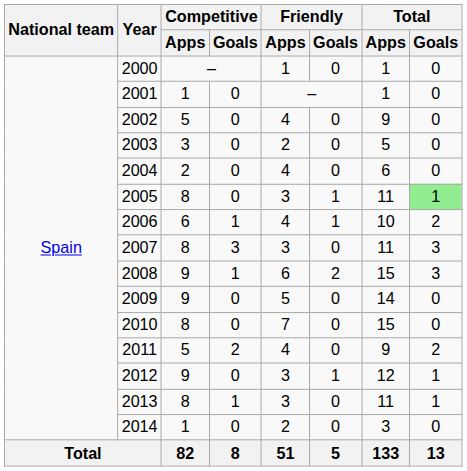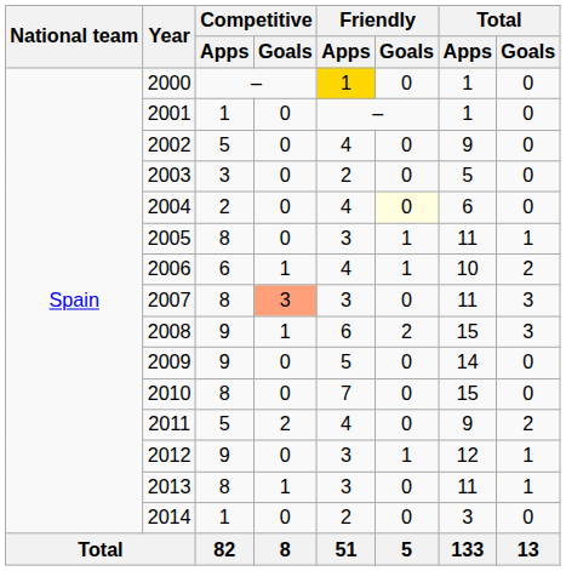 <table class="wikitable" style="text-align:center">
 <tr>
 <th rowspan="2">National team</th>
 <th rowspan="2">Year</th>
 <th colspan="2">Competitive</th>
 <th colspan="2">Friendly</th>
 <th colspan="2">Total</th>
 </tr>
 <tr>
 <th>Apps</th>
 <th>Goals</th>
 <th>Apps</th>
 <th>Goals</th>
 <th>Apps</th>
 <th>Goals</th>
 </tr>
 <tr>
 <td rowspan="15"><a href='#'>Spain</a></td>
 <td>2000</td>
 <td colspan="2">–</td>
-<td>1</td>
+<td style="background: gold;">1</td>
 <td>0</td>
 <td>1</td>
 <td>0</td>
 </tr>
 <tr>
 <td>2001</td>
 <td>1</td>
 <td>0</td>
 <td colspan="2">–</td>
 <td>1</td>
 <td>0</td>
 </tr>
 <tr>
 <td>2002</td>
 <td>5</td>
 <td>0</td>
 <td>4</td>
 <td>0</td>
 <td>9</td>
 <td>0</td>
 </tr>
 <tr>
 <td>2003</td>
 <td>3</td>
 <td>0</td>
 <td>2</td>
 <td>0</td>
 <td>5</td>
 <td>0</td>
 </tr>
 <tr>
 <td>2004</td>
 <td>2</td>
 <td>0</td>
 <td>4</td>
-<td>0</td>
+<td style="background: lightyellow;">0</td>
 <td>6</td>
 <td>0</td>
 </tr>
 <tr>
 <td>2005</td>
 <td>8</td>
 <td>0</td>
 <td>3</td>
 <td>1</td>
 <td>11</td>
-<td style="background: lightgreen;">1</td>
+<td>1</td>
 </tr>
 <tr>
 <td>2006</td>
 <td>6</td>
 <td>1</td>
 <td>4</td>
 <td>1</td>
 <td>10</td>
 <td>2</td>
 </tr>
 <tr>
 <td>2007</td>
 <td>8</td>
-<td>3</td>
+<td style="background: lightsalmon;">3</td>
 <td>3</td>
 <td>0</td>
 <td>11</td>
 <td>3</td>
 </tr>
 <tr>
 <td>2008</td>
 <td>9</td>
 <td>1</td>
 <td>6</td>
 <td>2</td>
 <td>15</td>
 <td>3</td>
 </tr>
 <tr>
 <td>2009</td>
 <td>9</td>
 <td>0</td>
 <td>5</td>
 <td>0</td>
 <td>14</td>
 <td>0</td>
 </tr>
 <tr>
 <td>2010</td>
 <td>8</td>
 <td>0</td>
 <td>7</td>
 <td>0</td>
 <td>15</td>
 <td>0</td>
 </tr>
 <tr>
 <td>2011</td>
 <td>5</td>
 <td>2</td>
 <td>4</td>
 <td>0</td>
 <td>9</td>
 <td>2</td>
 </tr>
 <tr>
 <td>2012</td>
 <td>9</td>
 <td>0</td>
 <td>3</td>
 <td>1</td>
 <td>12</td>
 <td>1</td>
 </tr>
 <tr>
 <td>2013</td>
 <td>8</td>
 <td>1</td>
 <td>3</td>
 <td>0</td>
 <td>11</td>
 <td>1</td>
 </tr>
 <tr>
 <td>2014</td>
 <td>1</td>
 <td>0</td>
 <td>2</td>
 <td>0</td>
 <td>3</td>
 <td>0</td>
 </tr>
 <tr>
 <th colspan="2">Total</th>
 <th>82</th>
 <th>8</th>
 <th>51</th>
 <th>5</th>
 <th>133</th>
 <th>13</th>
 </tr>
 </table>
